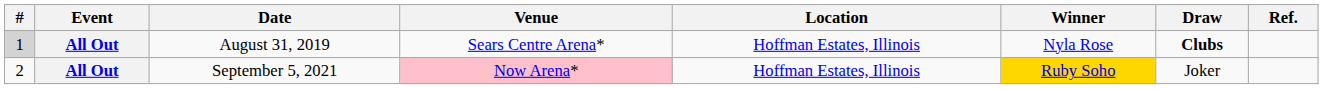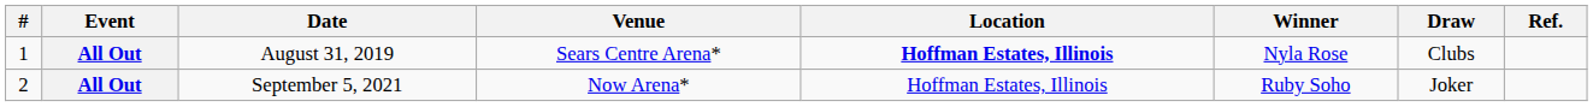 <table class="wikitable plainrowheaders" style="width:100%; text-align:center;">
 <tr>
 <th>#</th>
 <th>Event</th>
 <th>Date</th>
 <th>Venue</th>
 <th>Location</th>
 <th>Winner</th>
 <th>Draw</th>
 <th>Ref.</th>
 </tr>
 <tr>
-<td style="background: lightgrey;">1</td>
+<td>1</td>
 <th><a href='#'>All Out</a></th>
 <td>August 31, 2019</td>
 <td><a href='#'>Sears Centre Arena</a>*</td>
-<td><a href='#'>Hoffman Estates, Illinois</a></td>
+<td><strong><a href='#'>Hoffman Estates, Illinois</a></strong></td>
 <td><a href='#'>Nyla Rose</a></td>
-<td><strong>Clubs</strong></td>
+<td>Clubs</td>
 <td></td>
 </tr>
 <tr>
 <td>2</td>
 <th><a href='#'>All Out</a></th>
 <td>September 5, 2021</td>
-<td style="background: pink;"><a href='#'>Now Arena</a>*</td>
+<td><a href='#'>Now Arena</a>*</td>
 <td><a href='#'>Hoffman Estates, Illinois</a></td>
-<td style="background: gold;"><a href='#'>Ruby Soho</a></td>
+<td><a href='#'>Ruby Soho</a></td>
 <td>Joker</td>
 <td></td>
 </tr>
 </table>
